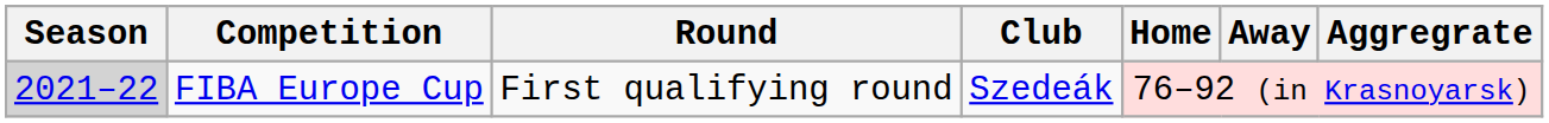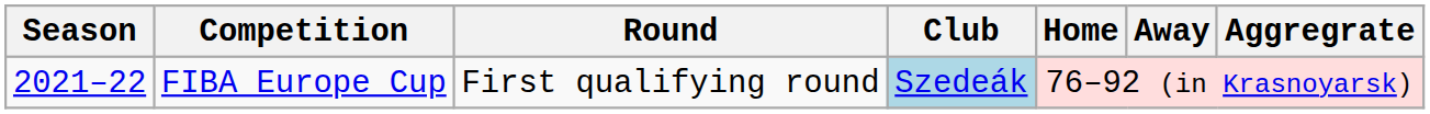 <table class="wikitable" style="text-align:center;">
 <tr>
 <th>Season</th>
 <th>Competition</th>
 <th>Round</th>
 <th>Club</th>
 <th>Home</th>
 <th>Away</th>
 <th>Aggregrate</th>
 </tr>
 <tr>
-<td style="background: lightgrey;"><a href='#'>2021–22</a></td>
+<td><a href='#'>2021–22</a></td>
 <td><a href='#'>FIBA Europe Cup</a></td>
 <td>First qualifying round</td>
-<td align="left"> <a href='#'>Szedeák</a></td>
+<td align="left" style="background: lightblue;"> <a href='#'>Szedeák</a></td>
 <td colspan=3 bgcolor="#fdd">76–92 <small>(in <a href='#'>Krasnoyarsk</a>)</small></td>
 </tr>
 </table>
